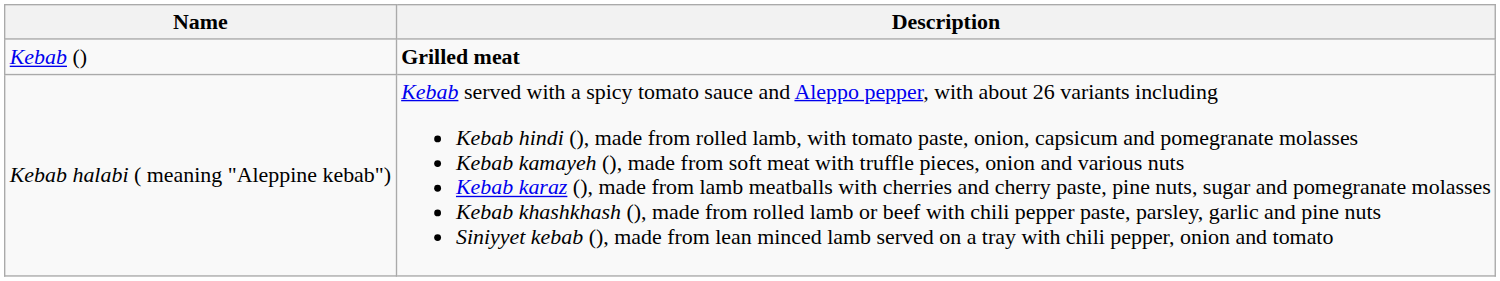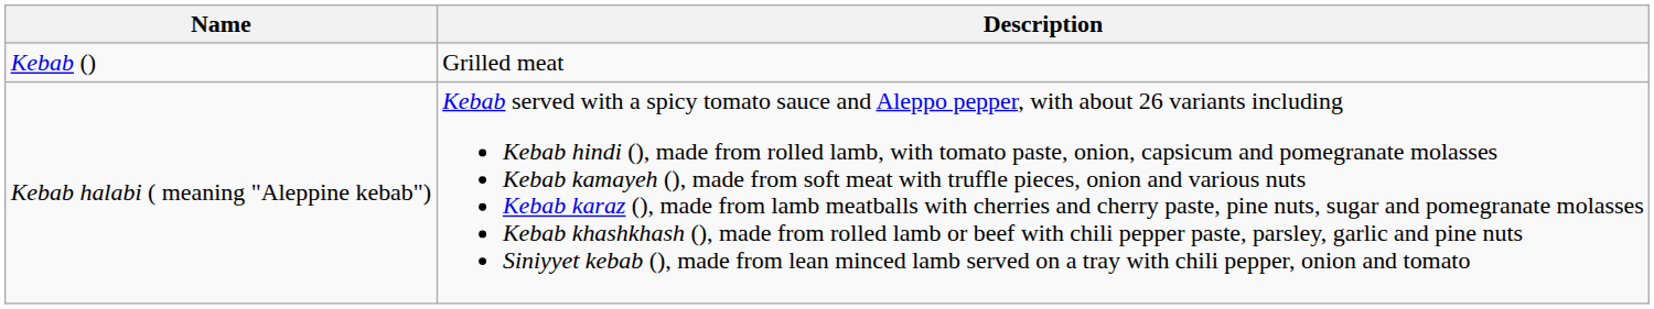 <table class="wikitable">
 <tr>
 <th>Name</th>
 <th>Description</th>
 </tr>
 <tr>
 <td><em><a href='#'>Kebab</a></em> ()</td>
-<td><strong>Grilled meat</strong></td>
+<td>Grilled meat</td>
 </tr>
 <tr>
 <td><em>Kebab halabi</em> ( meaning "Aleppine kebab")</td>
 <td><em><a href='#'>Kebab</a></em> served with a spicy tomato sauce and <a href='#'>Aleppo pepper</a>, with about 26 variants including<br><ul><li><em>Kebab hindi</em> (), made from rolled lamb, with tomato paste, onion, capsicum and pomegranate molasses</li><li><em>Kebab kamayeh</em> (), made from soft meat with truffle pieces, onion and various nuts</li><li><em><a href='#'>Kebab karaz</a></em> (), made from lamb meatballs with cherries and cherry paste, pine nuts, sugar and pomegranate molasses</li><li><em>Kebab khashkhash</em> (), made from rolled lamb or beef with chili pepper paste, parsley, garlic and pine nuts</li><li><em>Siniyyet kebab</em> (), made from lean minced lamb served on a tray with chili pepper, onion and tomato</li></ul></td>
 </tr>
 </table>
